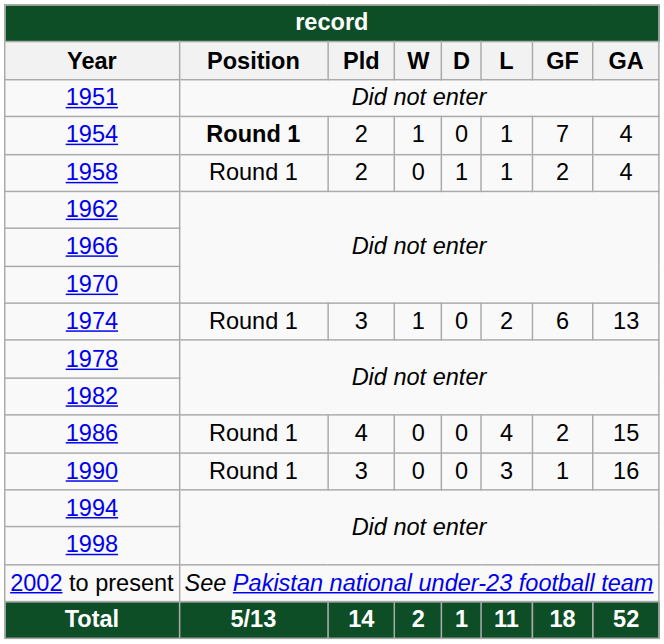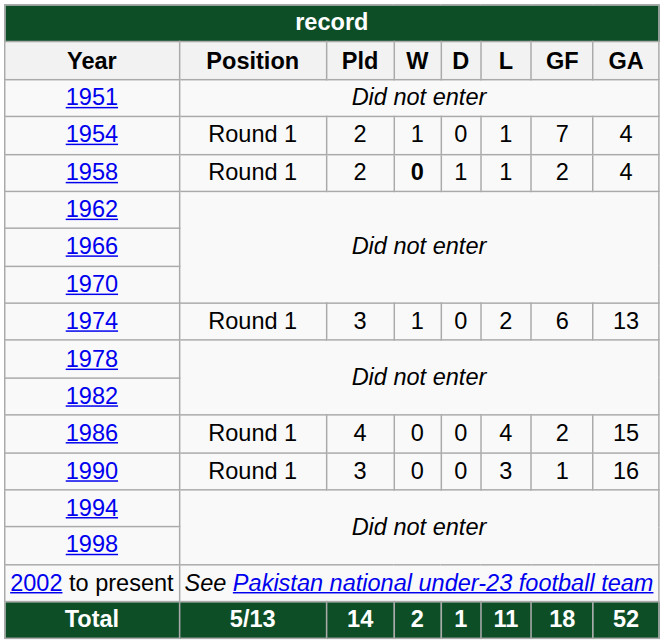 <table class="wikitable" style="text-align: center;">
 <tr>
 <th colspan=9 style="background: #0E4E27; color: #FFFFFF;"><a href='#'></a> record</th>
 </tr>
 <tr>
 <th>Year</th>
 <th>Position</th>
 <th>Pld</th>
 <th>W</th>
 <th>D</th>
 <th>L</th>
 <th>GF</th>
 <th>GA</th>
 </tr>
 <tr>
 <td> <a href='#'>1951</a></td>
 <td colspan="7"><em>Did not enter</em></td>
 </tr>
 <tr>
 <td> <a href='#'>1954</a></td>
-<td><strong>Round 1</strong></td>
+<td>Round 1</td>
 <td>2</td>
 <td>1</td>
 <td>0</td>
 <td>1</td>
 <td>7</td>
 <td>4</td>
 </tr>
 <tr>
 <td> <a href='#'>1958</a></td>
 <td>Round 1</td>
 <td>2</td>
-<td>0</td>
+<td><strong>0</strong></td>
 <td>1</td>
 <td>1</td>
 <td>2</td>
 <td>4</td>
 </tr>
 <tr>
 <td> <a href='#'>1962</a></td>
 <td colspan="7" rowspan="3"><em>Did not enter</em></td>
 </tr>
 <tr>
 <td> <a href='#'>1966</a></td>
 </tr>
 <tr>
 <td> <a href='#'>1970</a></td>
 </tr>
 <tr>
 <td> <a href='#'>1974</a></td>
 <td>Round 1</td>
 <td>3</td>
 <td>1</td>
 <td>0</td>
 <td>2</td>
 <td>6</td>
 <td>13</td>
 </tr>
 <tr>
 <td> <a href='#'>1978</a></td>
 <td colspan="7" rowspan="2"><em>Did not enter</em></td>
 </tr>
 <tr>
 <td> <a href='#'>1982</a></td>
 </tr>
 <tr>
 <td> <a href='#'>1986</a></td>
 <td>Round 1</td>
 <td>4</td>
 <td>0</td>
 <td>0</td>
 <td>4</td>
 <td>2</td>
 <td>15</td>
 </tr>
 <tr>
 <td> <a href='#'>1990</a></td>
 <td>Round 1</td>
 <td>3</td>
 <td>0</td>
 <td>0</td>
 <td>3</td>
 <td>1</td>
 <td>16</td>
 </tr>
 <tr>
 <td> <a href='#'>1994</a></td>
 <td colspan="7" rowspan="2"><em>Did not enter</em></td>
 </tr>
 <tr>
 <td> <a href='#'>1998</a></td>
 </tr>
 <tr>
 <td><a href='#'>2002</a> to present</td>
 <td colspan=8><em>See <a href='#'>Pakistan national under-23 football team</a></em></td>
 </tr>
 <tr style="background: #0E4E27; color: #FFFFFF;|">
 <td><strong>Total</strong></td>
 <td><strong>5/13</strong></td>
 <td><strong>14</strong></td>
 <td><strong>2</strong></td>
 <td><strong>1</strong></td>
 <td><strong>11</strong></td>
 <td><strong>18</strong></td>
 <td><strong>52</strong></td>
 </tr>
 </table>
